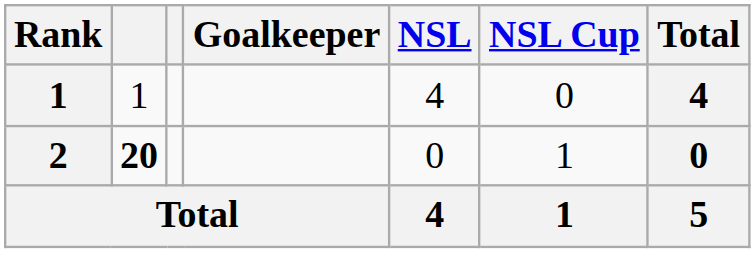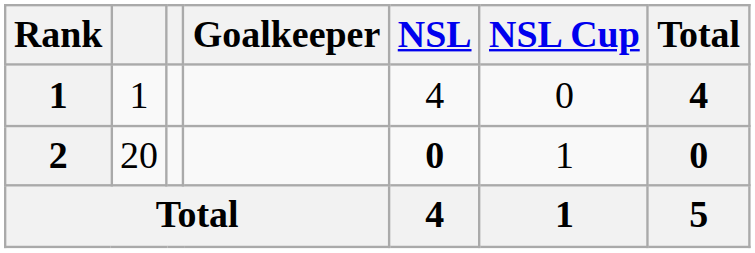 <table class="wikitable sortable" style="text-align:center">
 <tr>
 <th>Rank</th>
 <th></th>
 <th></th>
 <th>Goalkeeper</th>
 <th><a href='#'>NSL</a></th>
 <th><a href='#'>NSL Cup</a></th>
 <th>Total</th>
 </tr>
 <tr>
 <th>1</th>
 <td>1</td>
 <td></td>
 <td align="left"></td>
 <td>4</td>
 <td>0</td>
 <th>4</th>
 </tr>
 <tr>
 <th>2</th>
-<td><strong>20</strong></td>
+<td>20</td>
 <td></td>
 <td align="left"></td>
-<td>0</td>
+<td><strong>0</strong></td>
 <td>1</td>
 <th>0</th>
 </tr>
 <tr>
 <th colspan="4">Total</th>
 <th>4</th>
 <th>1</th>
 <th>5</th>
 </tr>
 </table>
